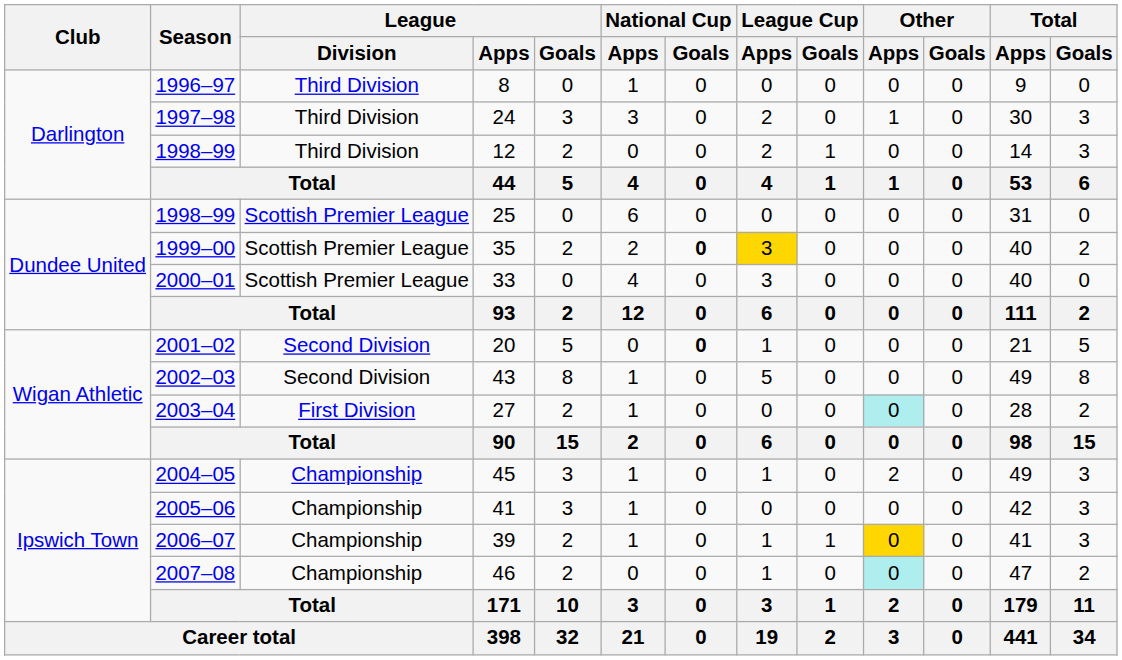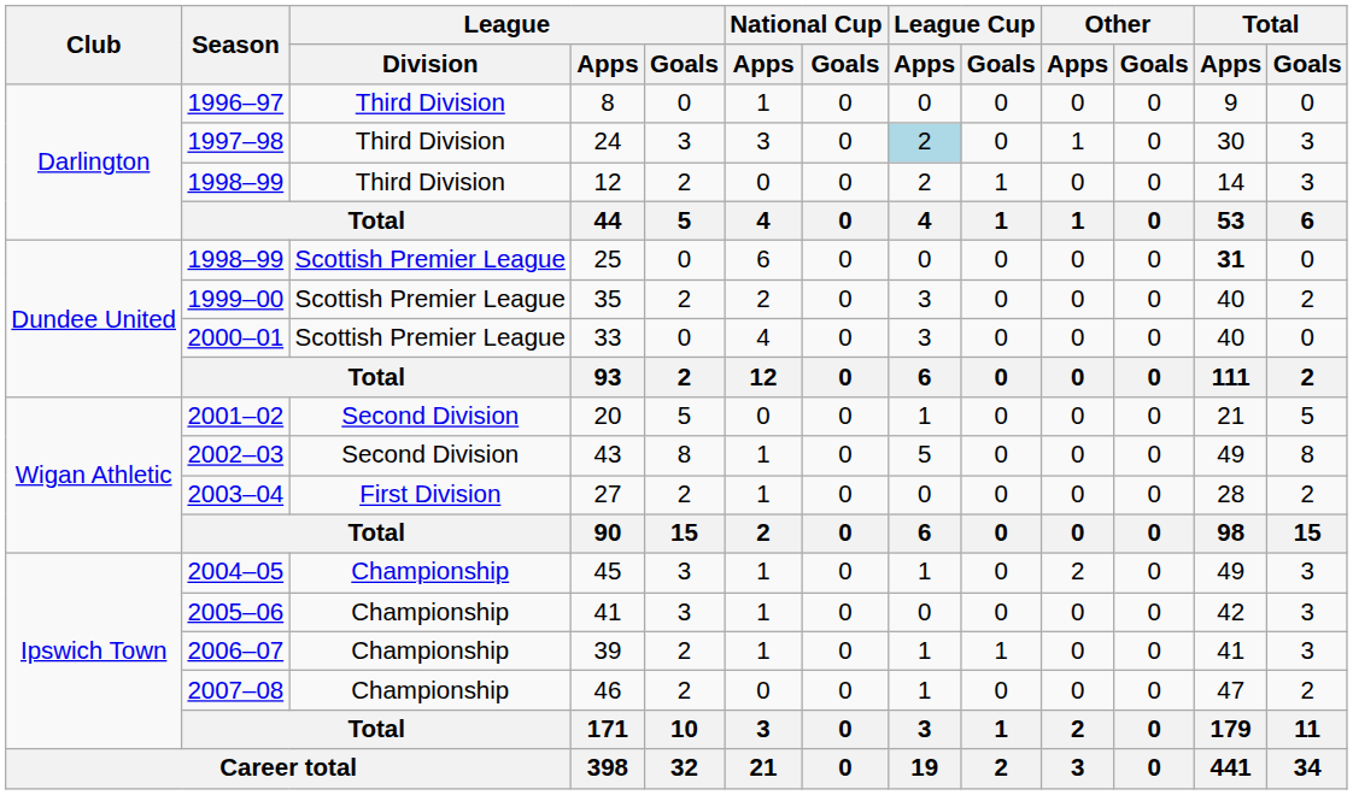 <table class=wikitable style="text-align:center;">
 <tr>
 <th rowspan=2>Club</th>
 <th rowspan=2>Season</th>
 <th colspan=3>League</th>
 <th colspan=2>National Cup</th>
 <th colspan=2>League Cup</th>
 <th colspan=2>Other</th>
 <th colspan=2>Total</th>
 </tr>
 <tr>
 <th>Division</th>
 <th>Apps</th>
 <th>Goals</th>
 <th>Apps</th>
 <th>Goals</th>
 <th>Apps</th>
 <th>Goals</th>
 <th>Apps</th>
 <th>Goals</th>
 <th>Apps</th>
 <th>Goals</th>
 </tr>
 <tr>
 <td rowspan=4><a href='#'>Darlington</a></td>
 <td><a href='#'>1996–97</a></td>
 <td><a href='#'>Third Division</a></td>
 <td>8</td>
 <td>0</td>
 <td>1</td>
 <td>0</td>
 <td>0</td>
 <td>0</td>
 <td>0</td>
 <td>0</td>
 <td>9</td>
 <td>0</td>
 </tr>
 <tr>
 <td><a href='#'>1997–98</a></td>
 <td>Third Division</td>
 <td>24</td>
 <td>3</td>
 <td>3</td>
 <td>0</td>
-<td>2</td>
+<td style="background: lightblue;">2</td>
 <td>0</td>
 <td>1</td>
 <td>0</td>
 <td>30</td>
 <td>3</td>
 </tr>
 <tr>
 <td><a href='#'>1998–99</a></td>
 <td>Third Division</td>
 <td>12</td>
 <td>2</td>
 <td>0</td>
 <td>0</td>
 <td>2</td>
 <td>1</td>
 <td>0</td>
 <td>0</td>
 <td>14</td>
 <td>3</td>
 </tr>
 <tr>
 <th colspan="2">Total</th>
 <th>44</th>
 <th>5</th>
 <th>4</th>
 <th>0</th>
 <th>4</th>
 <th>1</th>
 <th>1</th>
 <th>0</th>
 <th>53</th>
 <th>6</th>
 </tr>
 <tr>
 <td rowspan=4><a href='#'>Dundee United</a></td>
 <td><a href='#'>1998–99</a></td>
 <td><a href='#'>Scottish Premier League</a></td>
 <td>25</td>
 <td>0</td>
 <td>6</td>
 <td>0</td>
 <td>0</td>
 <td>0</td>
 <td>0</td>
 <td>0</td>
-<td>31</td>
+<td><strong>31</strong></td>
 <td>0</td>
 </tr>
 <tr>
 <td><a href='#'>1999–00</a></td>
 <td>Scottish Premier League</td>
 <td>35</td>
 <td>2</td>
 <td>2</td>
-<td><strong>0</strong></td>
-<td style="background: gold;">3</td>
+<td>0</td>
+<td>3</td>
 <td>0</td>
 <td>0</td>
 <td>0</td>
 <td>40</td>
 <td>2</td>
 </tr>
 <tr>
 <td><a href='#'>2000–01</a></td>
 <td>Scottish Premier League</td>
 <td>33</td>
 <td>0</td>
 <td>4</td>
 <td>0</td>
 <td>3</td>
 <td>0</td>
 <td>0</td>
 <td>0</td>
 <td>40</td>
 <td>0</td>
 </tr>
 <tr>
 <th colspan="2">Total</th>
 <th>93</th>
 <th>2</th>
 <th>12</th>
 <th>0</th>
 <th>6</th>
 <th>0</th>
 <th>0</th>
 <th>0</th>
 <th>111</th>
 <th>2</th>
 </tr>
 <tr>
 <td rowspan=4><a href='#'>Wigan Athletic</a></td>
 <td><a href='#'>2001–02</a></td>
 <td><a href='#'>Second Division</a></td>
 <td>20</td>
 <td>5</td>
 <td>0</td>
-<td><strong>0</strong></td>
+<td>0</td>
 <td>1</td>
 <td>0</td>
 <td>0</td>
 <td>0</td>
 <td>21</td>
 <td>5</td>
 </tr>
 <tr>
 <td><a href='#'>2002–03</a></td>
 <td>Second Division</td>
 <td>43</td>
 <td>8</td>
 <td>1</td>
 <td>0</td>
 <td>5</td>
 <td>0</td>
 <td>0</td>
 <td>0</td>
 <td>49</td>
 <td>8</td>
 </tr>
 <tr>
 <td><a href='#'>2003–04</a></td>
 <td><a href='#'>First Division</a></td>
 <td>27</td>
 <td>2</td>
 <td>1</td>
 <td>0</td>
 <td>0</td>
 <td>0</td>
-<td style="background: paleturquoise;">0</td>
+<td>0</td>
 <td>0</td>
 <td>28</td>
 <td>2</td>
 </tr>
 <tr>
 <th colspan="2">Total</th>
 <th>90</th>
 <th>15</th>
 <th>2</th>
 <th>0</th>
 <th>6</th>
 <th>0</th>
 <th>0</th>
 <th>0</th>
 <th>98</th>
 <th>15</th>
 </tr>
 <tr>
 <td rowspan=5><a href='#'>Ipswich Town</a></td>
 <td><a href='#'>2004–05</a></td>
 <td><a href='#'>Championship</a></td>
 <td>45</td>
 <td>3</td>
 <td>1</td>
 <td>0</td>
 <td>1</td>
 <td>0</td>
 <td>2</td>
 <td>0</td>
 <td>49</td>
 <td>3</td>
 </tr>
 <tr>
 <td><a href='#'>2005–06</a></td>
 <td>Championship</td>
 <td>41</td>
 <td>3</td>
 <td>1</td>
 <td>0</td>
 <td>0</td>
 <td>0</td>
 <td>0</td>
 <td>0</td>
 <td>42</td>
 <td>3</td>
 </tr>
 <tr>
 <td><a href='#'>2006–07</a></td>
 <td>Championship</td>
 <td>39</td>
 <td>2</td>
 <td>1</td>
 <td>0</td>
 <td>1</td>
 <td>1</td>
-<td style="background: gold;">0</td>
+<td>0</td>
 <td>0</td>
 <td>41</td>
 <td>3</td>
 </tr>
 <tr>
 <td><a href='#'>2007–08</a></td>
 <td>Championship</td>
 <td>46</td>
 <td>2</td>
 <td>0</td>
 <td>0</td>
 <td>1</td>
 <td>0</td>
-<td style="background: paleturquoise;">0</td>
+<td>0</td>
 <td>0</td>
 <td>47</td>
 <td>2</td>
 </tr>
 <tr>
 <th colspan="2">Total</th>
 <th>171</th>
 <th>10</th>
 <th>3</th>
 <th>0</th>
 <th>3</th>
 <th>1</th>
 <th>2</th>
 <th>0</th>
 <th>179</th>
 <th>11</th>
 </tr>
 <tr>
 <th colspan=3>Career total</th>
 <th>398</th>
 <th>32</th>
 <th>21</th>
 <th>0</th>
 <th>19</th>
 <th>2</th>
 <th>3</th>
 <th>0</th>
 <th>441</th>
 <th>34</th>
 </tr>
 </table>
